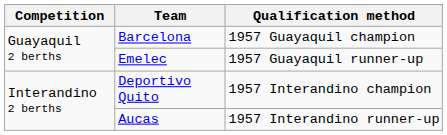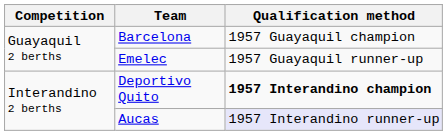 <table class="wikitable">
 <tr>
 <th width=100>Competition</th>
 <th width=100>Team</th>
 <th>Qualification method</th>
 </tr>
 <tr>
 <td rowspan="2">Guayaquil<br><small>2 berths</small></td>
 <td><a href='#'>Barcelona</a></td>
 <td>1957 Guayaquil champion</td>
 </tr>
 <tr>
 <td><a href='#'>Emelec</a></td>
 <td>1957 Guayaquil runner-up</td>
 </tr>
 <tr>
 <td rowspan="2">Interandino<br><small>2 berths</small></td>
 <td><a href='#'>Deportivo Quito</a></td>
-<td>1957 Interandino champion</td>
+<td><strong>1957 Interandino champion</strong></td>
 </tr>
 <tr>
 <td><a href='#'>Aucas</a></td>
-<td>1957 Interandino runner-up</td>
+<td style="background: lavender;">1957 Interandino runner-up</td>
 </tr>
 </table>
